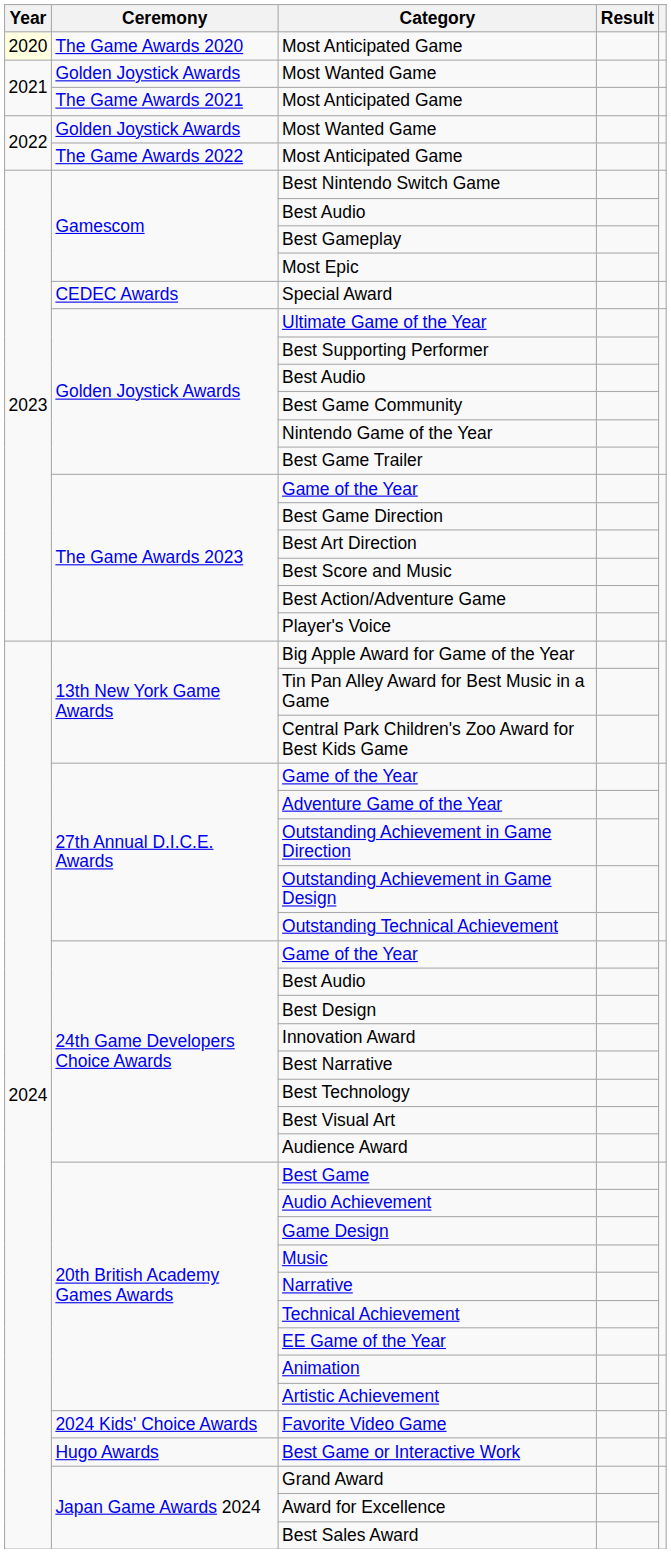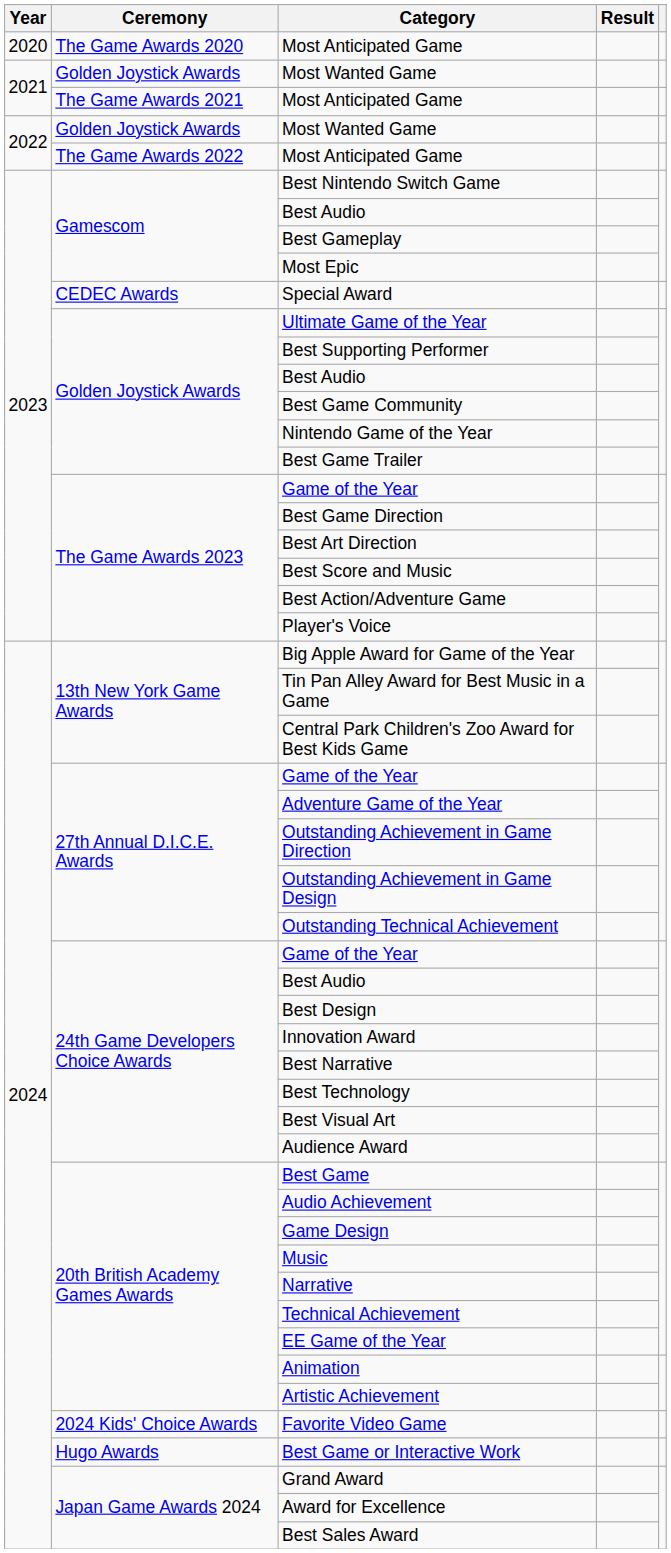 <table class="wikitable plainrowheaders sortable" width="auto">
 <tr>
 <th scope="col">Year</th>
 <th scope="col">Ceremony</th>
 <th scope="col">Category</th>
 <th scope="col">Result</th>
 <th scope="col" class="unsortable"></th>
 </tr>
 <tr>
-<td style="background: lightyellow; text-align:center;">2020</td>
+<td style="text-align:center;">2020</td>
 <td><a href='#'>The Game Awards 2020</a></td>
 <td>Most Anticipated Game</td>
 <td></td>
 <td style="text-align:center;"></td>
 </tr>
 <tr>
 <td style="text-align:center;" rowspan="2">2021</td>
 <td><a href='#'>Golden Joystick Awards</a></td>
 <td>Most Wanted Game</td>
 <td></td>
 <td style="text-align:center;"></td>
 </tr>
 <tr>
 <td><a href='#'>The Game Awards 2021</a></td>
 <td>Most Anticipated Game</td>
 <td></td>
 <td style="text-align:center;"></td>
 </tr>
 <tr>
 <td style="text-align:center;" rowspan="2">2022</td>
 <td><a href='#'>Golden Joystick Awards</a></td>
 <td>Most Wanted Game</td>
 <td></td>
 <td style="text-align:center;"></td>
 </tr>
 <tr>
 <td><a href='#'>The Game Awards 2022</a></td>
 <td>Most Anticipated Game</td>
 <td></td>
 <td style="text-align:center;"></td>
 </tr>
 <tr>
 <td rowspan="17" style="text-align:center;">2023</td>
 <td rowspan="4" scope="row"><a href='#'>Gamescom</a></td>
 <td>Best Nintendo Switch Game</td>
 <td></td>
 <td rowspan="4" style="text-align:center;"></td>
 </tr>
 <tr>
 <td>Best Audio</td>
 <td></td>
 </tr>
 <tr>
 <td>Best Gameplay</td>
 <td></td>
 </tr>
 <tr>
 <td>Most Epic</td>
 <td></td>
 </tr>
 <tr>
 <td scope="row" rowspan="1"><a href='#'>CEDEC Awards</a></td>
 <td>Special Award</td>
 <td></td>
 <td style="text-align:center;"></td>
 </tr>
 <tr>
 <td scope="row" rowspan="6"><a href='#'>Golden Joystick Awards</a></td>
 <td><a href='#'>Ultimate Game of the Year</a></td>
 <td></td>
 <td rowspan="6" style="text-align:center;"></td>
 </tr>
 <tr>
 <td>Best Supporting Performer </td>
 <td></td>
 </tr>
 <tr>
 <td>Best Audio</td>
 <td></td>
 </tr>
 <tr>
 <td>Best Game Community</td>
 <td></td>
 </tr>
 <tr>
 <td>Nintendo Game of the Year</td>
 <td></td>
 </tr>
 <tr>
 <td>Best Game Trailer </td>
 <td></td>
 </tr>
 <tr>
 <td scope="row" rowspan="6"><a href='#'>The Game Awards 2023</a></td>
 <td><a href='#'>Game of the Year</a></td>
 <td></td>
 <td rowspan="6" style="text-align:center;"></td>
 </tr>
 <tr>
 <td>Best Game Direction</td>
 <td></td>
 </tr>
 <tr>
 <td>Best Art Direction</td>
 <td></td>
 </tr>
 <tr>
 <td>Best Score and Music</td>
 <td></td>
 </tr>
 <tr>
 <td>Best Action/Adventure Game</td>
 <td></td>
 </tr>
 <tr>
 <td>Player's Voice</td>
 <td></td>
 </tr>
 <tr>
 <td rowspan="30" style="text-align:center;">2024</td>
 <td rowspan="3"><a href='#'>13th New York Game Awards</a></td>
 <td>Big Apple Award for Game of the Year</td>
 <td></td>
 <td rowspan="3" style="text-align:center;"></td>
 </tr>
 <tr>
 <td>Tin Pan Alley Award for Best Music in a Game</td>
 <td></td>
 </tr>
 <tr>
 <td>Central Park Children's Zoo Award for Best Kids Game</td>
 <td></td>
 </tr>
 <tr>
 <td rowspan="5"><a href='#'>27th Annual D.I.C.E. Awards</a></td>
 <td><a href='#'>Game of the Year</a></td>
 <td></td>
 <td rowspan="5" style="text-align:center;"></td>
 </tr>
 <tr>
 <td><a href='#'>Adventure Game of the Year</a></td>
 <td></td>
 </tr>
 <tr>
 <td><a href='#'>Outstanding Achievement in Game Direction</a></td>
 <td></td>
 </tr>
 <tr>
 <td><a href='#'>Outstanding Achievement in Game Design</a></td>
 <td></td>
 </tr>
 <tr>
 <td><a href='#'>Outstanding Technical Achievement</a></td>
 <td></td>
 </tr>
 <tr>
 <td rowspan="8"><a href='#'>24th Game Developers Choice Awards</a></td>
 <td><a href='#'>Game of the Year</a></td>
 <td></td>
 <td style="text-align:center;" rowspan="8"></td>
 </tr>
 <tr>
 <td>Best Audio</td>
 <td></td>
 </tr>
 <tr>
 <td>Best Design</td>
 <td></td>
 </tr>
 <tr>
 <td>Innovation Award</td>
 <td></td>
 </tr>
 <tr>
 <td>Best Narrative</td>
 <td></td>
 </tr>
 <tr>
 <td>Best Technology</td>
 <td></td>
 </tr>
 <tr>
 <td>Best Visual Art</td>
 <td></td>
 </tr>
 <tr>
 <td>Audience Award</td>
 <td></td>
 </tr>
 <tr>
 <td rowspan="9"><a href='#'>20th British Academy Games Awards</a></td>
 <td><a href='#'>Best Game</a></td>
 <td></td>
 <td style="text-align:center;" rowspan="7"></td>
 </tr>
 <tr>
 <td><a href='#'>Audio Achievement</a></td>
 <td></td>
 </tr>
 <tr>
 <td><a href='#'>Game Design</a></td>
 <td></td>
 </tr>
 <tr>
 <td><a href='#'>Music</a></td>
 <td></td>
 </tr>
 <tr>
 <td><a href='#'>Narrative</a></td>
 <td></td>
 </tr>
 <tr>
 <td><a href='#'>Technical Achievement</a></td>
 <td></td>
 </tr>
 <tr>
 <td><a href='#'>EE Game of the Year</a></td>
 <td></td>
 </tr>
 <tr>
 <td><a href='#'>Animation</a></td>
 <td></td>
 <td style="text-align:center;" rowspan="2"></td>
 </tr>
 <tr>
 <td><a href='#'>Artistic Achievement</a></td>
 <td></td>
 </tr>
 <tr>
 <td><a href='#'>2024 Kids' Choice Awards</a></td>
 <td><a href='#'>Favorite Video Game</a></td>
 <td></td>
 <td style="text-align:center;"></td>
 </tr>
 <tr>
 <td><a href='#'>Hugo Awards</a></td>
 <td><a href='#'>Best Game or Interactive Work</a></td>
 <td></td>
 <td style="text-align:center;" rowspan="1"></td>
 </tr>
 <tr>
 <td rowspan="3" scope="row"><a href='#'>Japan Game Awards</a> 2024</td>
 <td>Grand Award</td>
 <td></td>
 <td rowspan="3" style="text-align:center;"></td>
 </tr>
 <tr>
 <td>Award for Excellence</td>
 <td></td>
 </tr>
 <tr>
 <td>Best Sales Award</td>
 <td></td>
 </tr>
 </table>
